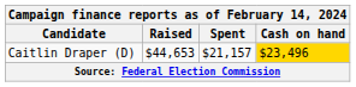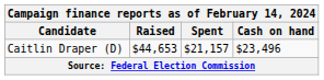 <table class="wikitable sortable">
 <tr>
 <th colspan=4>Campaign finance reports as of February 14, 2024</th>
 </tr>
 <tr style="text-align:center;">
 <th>Candidate</th>
 <th>Raised</th>
 <th>Spent</th>
 <th>Cash on hand</th>
 </tr>
 <tr>
 <td>Caitlin Draper (D)</td>
 <td>$44,653</td>
 <td>$21,157</td>
-<td style="background: gold;">$23,496</td>
+<td>$23,496</td>
 </tr>
 <tr>
 <th colspan="4"><small>Source: <a href='#'>Federal Election Commission</a></small></th>
 </tr>
 </table>
